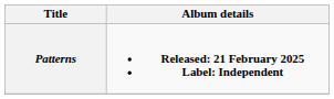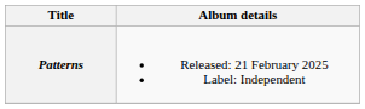 <table class="wikitable plainrowheaders" style="text-align:center;">
 <tr>
 <th scope="col" style="width:8em;">Title</th>
 <th scope="col" style="width:18em;">Album details</th>
 </tr>
 <tr>
 <th scope="row"><em>Patterns</em></th>
-<td><strong><br><ul><li>Released: 21 February 2025</li><li>Label: Independent</li></ul></strong></td>
+<td><br><ul><li>Released: 21 February 2025</li><li>Label: Independent</li></ul></td>
 </tr>
 <tr>
 </tr>
 </table>
